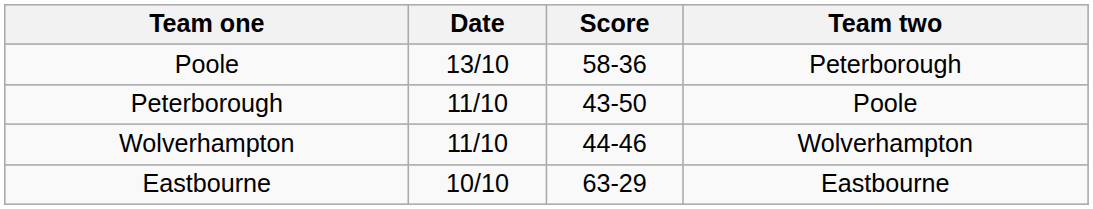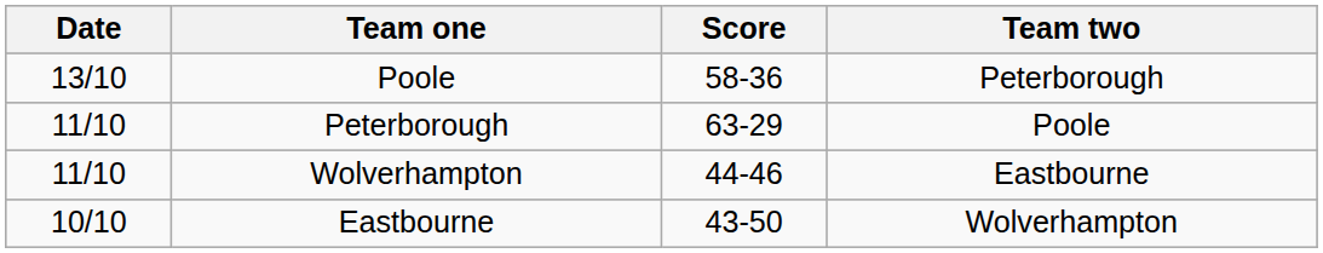 <table class="wikitable" style="text-align: center">
 <tr>
+<th width=80>Date</th>
 <th width=250>Team one</th>
-<th width=80>Date</th>
 <th width=80>Score</th>
 <th width=250>Team two</th>
 </tr>
 <tr>
+<td>13/10</td>
 <td>Poole</td>
-<td>13/10</td>
 <td>58-36</td>
 <td>Peterborough</td>
 </tr>
 <tr>
+<td>11/10</td>
 <td>Peterborough</td>
-<td>11/10</td>
-<td>43-50</td>
+<td>63-29</td>
 <td>Poole</td>
 </tr>
 <tr>
+<td>11/10</td>
 <td>Wolverhampton</td>
-<td>11/10</td>
 <td>44-46</td>
+<td>Eastbourne</td>
+</tr>
+<tr>
+<td>10/10</td>
+<td>Eastbourne</td>
+<td>43-50</td>
 <td>Wolverhampton</td>
 </tr>
-<tr>
-<td>Eastbourne</td>
-<td>10/10</td>
-<td>63-29</td>
-<td>Eastbourne</td>
-</tr>
 </table>
